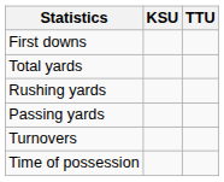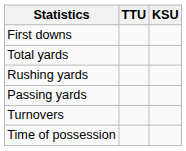 <table class="wikitable" style="float:left">
 <tr>
 <th>Statistics</th>
+<th>TTU</th>
 <th>KSU</th>
-<th>TTU</th>
 </tr>
 <tr>
 <td>First downs</td>
 <td></td>
 <td></td>
 </tr>
 <tr>
 <td>Total yards</td>
 <td></td>
 <td></td>
 </tr>
 <tr>
 <td>Rushing yards</td>
 <td></td>
 <td></td>
 </tr>
 <tr>
 <td>Passing yards</td>
 <td></td>
 <td></td>
 </tr>
 <tr>
 <td>Turnovers</td>
 <td></td>
 <td></td>
 </tr>
 <tr>
 <td>Time of possession</td>
 <td></td>
 <td></td>
 </tr>
 </table>
